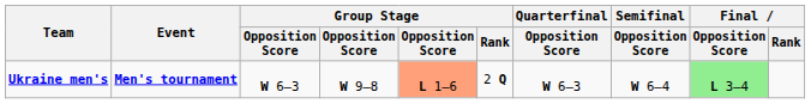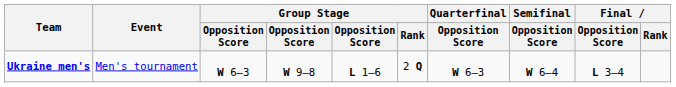 <table class="wikitable" style="font-size:90%;text-align:center">
 <tr>
 <th rowspan="2">Team</th>
 <th rowspan="2">Event</th>
 <th colspan="4">Group Stage</th>
 <th>Quarterfinal</th>
 <th>Semifinal</th>
 <th colspan="2">Final / </th>
 </tr>
 <tr style="font-size:95%">
 <th>Opposition<br>Score</th>
 <th>Opposition<br>Score</th>
 <th>Opposition<br>Score</th>
 <th>Rank</th>
 <th>Opposition<br>Score</th>
 <th>Opposition<br>Score</th>
 <th>Opposition<br>Score</th>
 <th>Rank</th>
 </tr>
 <tr>
 <td align=left><strong><a href='#'>Ukraine men's</a></strong></td>
-<td align=left><strong><a href='#'>Men's tournament</a></strong></td>
+<td align=left><a href='#'>Men's tournament</a></td>
 <td><br><strong>W</strong> 6–3</td>
 <td><br><strong>W</strong> 9–8</td>
-<td style="background: lightsalmon;"><br><strong>L</strong> 1–6</td>
+<td><br><strong>L</strong> 1–6</td>
 <td>2 <strong>Q</strong></td>
 <td><br><strong>W</strong> 6–3</td>
 <td><br><strong>W</strong> 6–4</td>
-<td style="background: lightgreen;"><br><strong>L</strong> 3–4 </td>
+<td><br><strong>L</strong> 3–4 </td>
 <td></td>
 </tr>
 </table>
